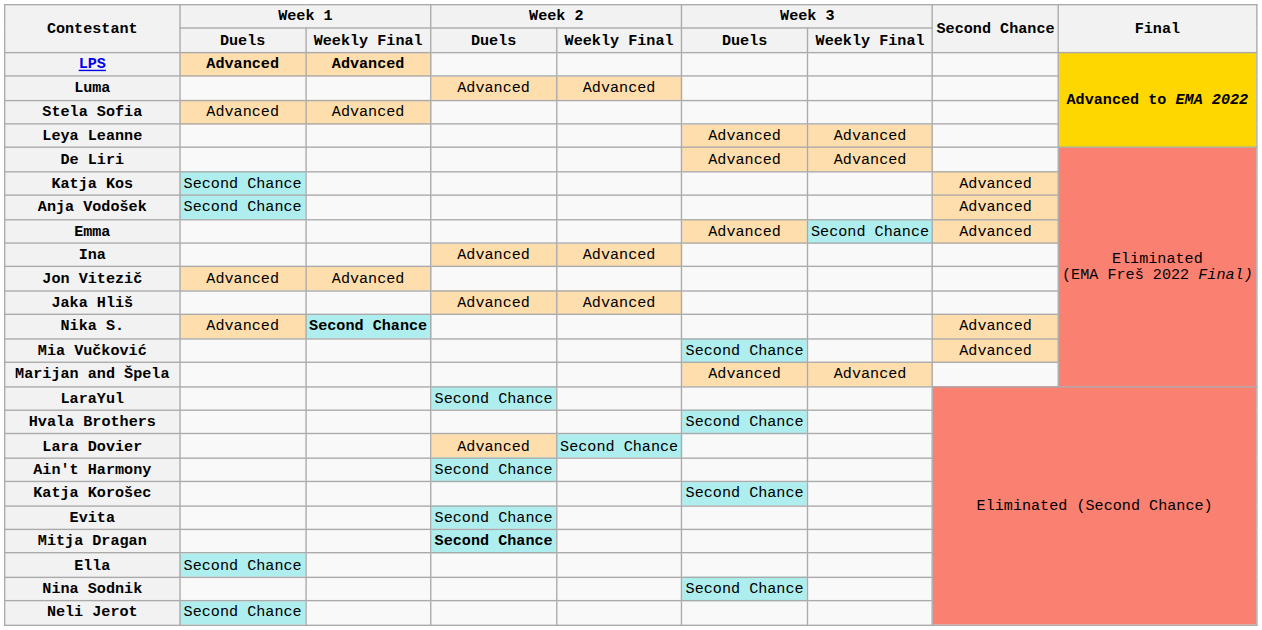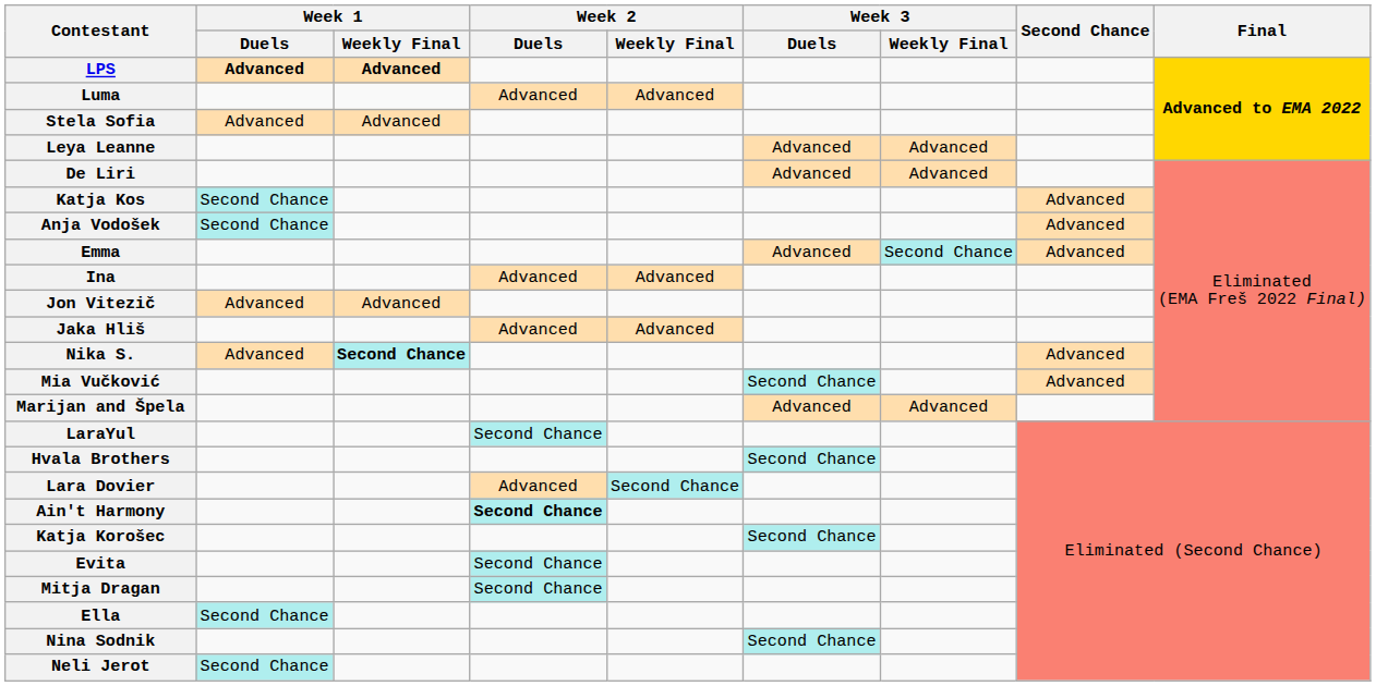 <table class="wikitable" style="text-align:center; font-size:85%">
 <tr>
 <th rowspan="2" scope="col" style="width:14%;">Contestant</th>
 <th colspan="2" scope="col">Week 1</th>
 <th colspan="2" scope="col">Week 2</th>
 <th colspan="2" scope="col">Week 3</th>
 <th rowspan="2" scope="col">Second Chance</th>
 <th rowspan="2" scope="col">Final</th>
 </tr>
 <tr>
 <th scope="col">Duels</th>
 <th scope="col">Weekly Final</th>
 <th scope="col">Duels</th>
 <th scope="col">Weekly Final</th>
 <th scope="col">Duels</th>
 <th scope="col">Weekly Final</th>
 </tr>
 <tr>
 <th scope="row"><a href='#'>LPS</a></th>
 <td style="background:navajowhite;"><strong>Advanced</strong></td>
 <td style="background:navajowhite;"><strong>Advanced</strong></td>
 <td></td>
 <td></td>
 <td></td>
 <td></td>
 <td></td>
 <td style="background:gold;" rowspan="4"><strong>Advanced to <em>EMA 2022<strong><em></td>
 </tr>
 <tr>
 <th scope="row">Luma</th>
 <td></td>
 <td></td>
 <td style="background:navajowhite;"></strong>Advanced<strong></td>
 <td style="background:navajowhite;"></strong>Advanced<strong></td>
 <td></td>
 <td></td>
 <td></td>
 </tr>
 <tr>
 <th scope="row">Stela Sofia</th>
 <td style="background:navajowhite;"></strong>Advanced<strong></td>
 <td style="background:navajowhite;"></strong>Advanced<strong></td>
 <td></td>
 <td></td>
 <td></td>
 <td></td>
 <td></td>
 </tr>
 <tr>
 <th scope="row">Leya Leanne</th>
 <td></td>
 <td></td>
 <td></td>
 <td></td>
 <td style="background:navajowhite;"></strong>Advanced<strong></td>
 <td style="background:navajowhite;"></strong>Advanced<strong></td>
 <td></td>
 </tr>
 <tr>
 <th scope="row">De Liri</th>
 <td></td>
 <td></td>
 <td></td>
 <td></td>
 <td style="background:navajowhite;"></strong>Advanced<strong></td>
 <td style="background:navajowhite;"></strong>Advanced<strong></td>
 <td></td>
 <td style="background:salmon;" rowspan="10">Eliminated<br>(</em>EMA Freš 2022<em> Final)</td>
 </tr>
 <tr>
 <th scope="row">Katja Kos</th>
 <td style="background:paleturquoise;"></em>Second Chance<em></td>
 <td></td>
 <td></td>
 <td></td>
 <td></td>
 <td></td>
 <td style="background:navajowhite;"></strong>Advanced<strong></td>
 </tr>
 <tr>
 <th scope="row">Anja Vodošek</th>
 <td style="background:paleturquoise;"></em>Second Chance<em></td>
 <td></td>
 <td></td>
 <td></td>
 <td></td>
 <td></td>
 <td style="background:navajowhite;"></strong>Advanced<strong></td>
 </tr>
 <tr>
 <th scope="row">Emma</th>
 <td></td>
 <td></td>
 <td></td>
 <td></td>
 <td style="background:navajowhite;"></strong>Advanced<strong></td>
 <td style="background:paleturquoise;"></em>Second Chance<em></td>
 <td style="background:navajowhite;"></strong>Advanced<strong></td>
 </tr>
 <tr>
 <th scope="row">Ina</th>
 <td></td>
 <td></td>
 <td style="background:navajowhite;"></strong>Advanced<strong></td>
 <td style="background:navajowhite;"></strong>Advanced<strong></td>
 <td></td>
 <td></td>
 <td></td>
 </tr>
 <tr>
 <th scope="row">Jon Vitezič</th>
 <td style="background:navajowhite;"></strong>Advanced<strong></td>
 <td style="background:navajowhite;"></strong>Advanced<strong></td>
 <td></td>
 <td></td>
 <td></td>
 <td></td>
 <td></td>
 </tr>
 <tr>
 <th scope="row">Jaka Hliš</th>
 <td></td>
 <td></td>
 <td style="background:navajowhite;"></strong>Advanced<strong></td>
 <td style="background:navajowhite;"></strong>Advanced<strong></td>
 <td></td>
 <td></td>
 <td></td>
 </tr>
 <tr>
 <th scope="row">Nika S.</th>
 <td style="background:navajowhite;"></strong>Advanced<strong></td>
 <td style="background:paleturquoise;"><strong></em>Second Chance<em></strong></td>
 <td></td>
 <td></td>
 <td></td>
 <td></td>
 <td style="background:navajowhite;"></strong>Advanced<strong></td>
 </tr>
 <tr>
 <th scope="row">Mia Vučković</th>
 <td></td>
 <td></td>
 <td></td>
 <td></td>
 <td style="background:paleturquoise;"></em>Second Chance<em></td>
 <td></td>
 <td style="background:navajowhite;"></strong>Advanced<strong></td>
 </tr>
 <tr>
 <th scope="row">Marijan and Špela</th>
 <td></td>
 <td></td>
 <td></td>
 <td></td>
 <td style="background:navajowhite;"></strong>Advanced<strong></td>
 <td style="background:navajowhite;"></strong>Advanced<strong></td>
 <td></td>
 </tr>
 <tr>
 <th scope="row">LaraYul</th>
 <td></td>
 <td></td>
 <td style="background:paleturquoise;"></em>Second Chance<em></td>
 <td></td>
 <td></td>
 <td></td>
 <td style="background:salmon;" colspan="2" rowspan="10">Eliminated (Second Chance)</td>
 </tr>
 <tr>
 <th scope="row">Hvala Brothers</th>
 <td></td>
 <td></td>
 <td></td>
 <td></td>
 <td style="background:paleturquoise;"></em>Second Chance<em></td>
 <td></td>
 </tr>
 <tr>
 <th scope="row">Lara Dovier</th>
 <td></td>
 <td></td>
 <td style="background:navajowhite;"></strong>Advanced<strong></td>
 <td style="background:paleturquoise;"></em>Second Chance<em></td>
 <td></td>
 <td></td>
 </tr>
 <tr>
 <th scope="row">Ain't Harmony</th>
 <td></td>
 <td></td>
-<td style="background:paleturquoise;"></em>Second Chance<em></td>
+<td style="background:paleturquoise;"><strong></em>Second Chance<em></strong></td>
 <td></td>
 <td></td>
 <td></td>
 </tr>
 <tr>
 <th scope="row">Katja Korošec</th>
 <td></td>
 <td></td>
 <td></td>
 <td></td>
 <td style="background:paleturquoise;"></em>Second Chance<em></td>
 <td></td>
 </tr>
 <tr>
 <th scope="row">Evita</th>
 <td></td>
 <td></td>
 <td style="background:paleturquoise;"></em>Second Chance<em></td>
 <td></td>
 <td></td>
 <td></td>
 </tr>
 <tr>
 <th scope="row">Mitja Dragan</th>
 <td></td>
 <td></td>
-<td style="background:paleturquoise;"><strong></em>Second Chance<em></strong></td>
+<td style="background:paleturquoise;"></em>Second Chance<em></td>
 <td></td>
 <td></td>
 <td></td>
 </tr>
 <tr>
 <th scope="row">Ella</th>
 <td style="background:paleturquoise;"></em>Second Chance<em></td>
 <td></td>
 <td></td>
 <td></td>
 <td></td>
 <td></td>
 </tr>
 <tr>
 <th scope="row">Nina Sodnik</th>
 <td></td>
 <td></td>
 <td></td>
 <td></td>
 <td style="background:paleturquoise;"></em>Second Chance<em></td>
 <td></td>
 </tr>
 <tr>
 <th scope="row">Neli Jerot</th>
 <td style="background:paleturquoise;"></em>Second Chance<em></td>
 <td></td>
 <td></td>
 <td></td>
 <td></td>
 <td></td>
 </tr>
 </table>
